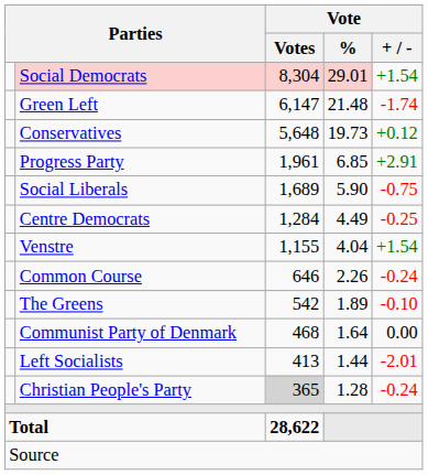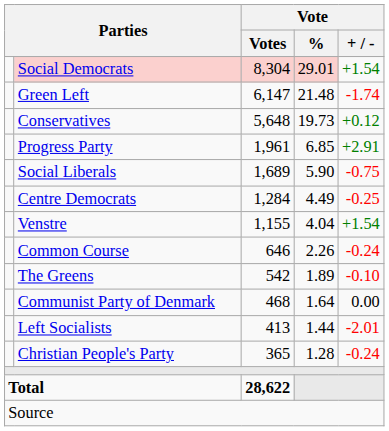 <table class="wikitable" style="text-align:right;">
 <tr>
 <th style="text-align:centre;" rowspan="2" colspan="2" width="225">Parties</th>
 <th colspan="3">Vote</th>
 </tr>
 <tr>
 <th width="15">Votes</th>
 <th width="15">%</th>
 <th width="15">+ / -</th>
 </tr>
 <tr>
 <td width="2" style="color:inherit;background:"></td>
 <td bgcolor=#fbd0ce  align="left"><a href='#'>Social Democrats</a></td>
 <td bgcolor=#fbd0ce>8,304</td>
 <td bgcolor=#fbd0ce>29.01</td>
 <td style=color:green;>+1.54</td>
 </tr>
 <tr>
 <td width="2" style="color:inherit;background:"></td>
 <td align="left"><a href='#'>Green Left</a></td>
 <td>6,147</td>
 <td>21.48</td>
 <td style=color:red;>-1.74</td>
 </tr>
 <tr>
 <td width="2" style="color:inherit;background:"></td>
 <td align="left"><a href='#'>Conservatives</a></td>
 <td>5,648</td>
 <td>19.73</td>
 <td style=color:green;>+0.12</td>
 </tr>
 <tr>
 <td width="2" style="color:inherit;background:"></td>
 <td align="left"><a href='#'>Progress Party</a></td>
 <td>1,961</td>
 <td>6.85</td>
 <td style=color:green;>+2.91</td>
 </tr>
 <tr>
 <td width="2" style="color:inherit;background:"></td>
 <td align="left"><a href='#'>Social Liberals</a></td>
 <td>1,689</td>
 <td>5.90</td>
 <td style=color:red;>-0.75</td>
 </tr>
 <tr>
 <td width="2" style="color:inherit;background:"></td>
 <td align="left"><a href='#'>Centre Democrats</a></td>
 <td>1,284</td>
 <td>4.49</td>
 <td style=color:red;>-0.25</td>
 </tr>
 <tr>
 <td width="2" style="color:inherit;background:"></td>
 <td align="left"><a href='#'>Venstre</a></td>
 <td>1,155</td>
 <td>4.04</td>
 <td style=color:green;>+1.54</td>
 </tr>
 <tr>
 <td width="2" style="color:inherit;background:"></td>
 <td align="left"><a href='#'>Common Course</a></td>
 <td>646</td>
 <td>2.26</td>
 <td style=color:red;>-0.24</td>
 </tr>
 <tr>
 <td width="2" style="color:inherit;background:"></td>
 <td align="left"><a href='#'>The Greens</a></td>
 <td>542</td>
 <td>1.89</td>
 <td style=color:red;>-0.10</td>
 </tr>
 <tr>
 <td width="2" style="color:inherit;background:"></td>
 <td align="left"><a href='#'>Communist Party of Denmark</a></td>
 <td>468</td>
 <td>1.64</td>
 <td>0.00</td>
 </tr>
 <tr>
 <td width="2" style="color:inherit;background:"></td>
 <td align="left"><a href='#'>Left Socialists</a></td>
 <td>413</td>
 <td>1.44</td>
 <td style=color:red;>-2.01</td>
 </tr>
 <tr>
 <td width="2" style="color:inherit;background:"></td>
 <td align="left"><a href='#'>Christian People's Party</a></td>
-<td style="background: lightgrey;">365</td>
+<td>365</td>
 <td>1.28</td>
 <td style=color:red;>-0.24</td>
 </tr>
 <tr>
 <td colspan="7" bgcolor="#E9E9E9"></td>
 </tr>
 <tr>
 <td align="left" colspan="2"><strong>Total</strong></td>
 <td><strong>28,622</strong></td>
 <td bgcolor="#E9E9E9" colspan="2"></td>
 </tr>
 <tr>
 <td align="left" colspan="6">Source</td>
 </tr>
 </table>
